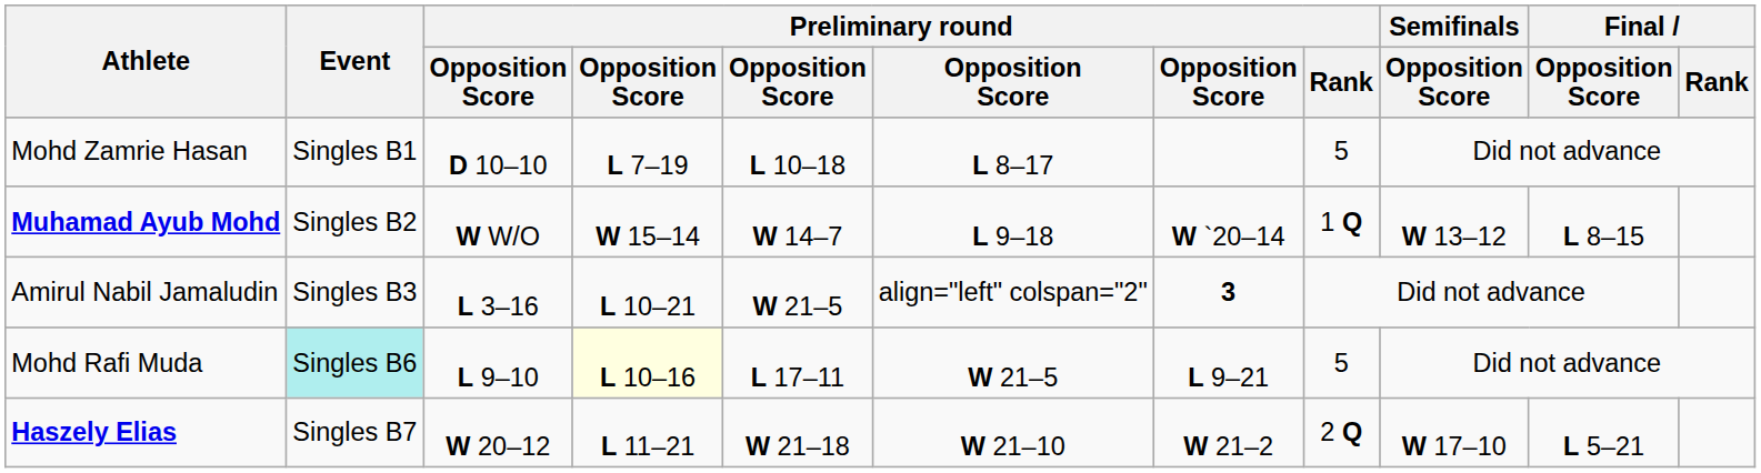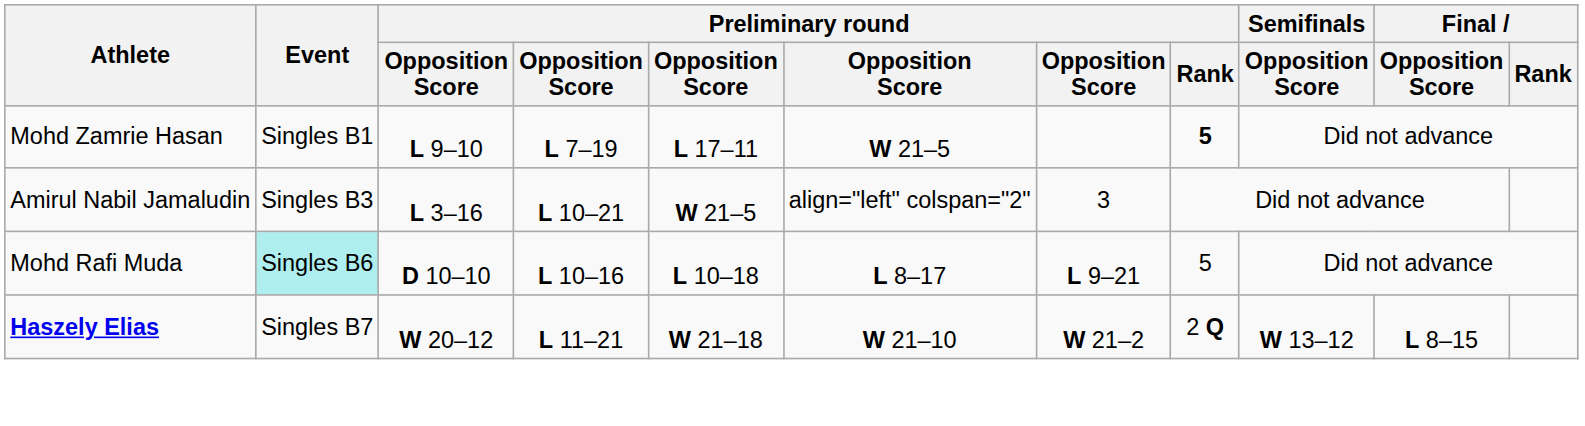 <table class=wikitable style="font-size:90%">
 <tr>
 <th rowspan="2">Athlete</th>
 <th rowspan="2">Event</th>
 <th colspan="6">Preliminary round</th>
 <th>Semifinals</th>
 <th colspan=2>Final / </th>
 </tr>
 <tr>
 <th>Opposition<br>Score</th>
 <th>Opposition<br>Score</th>
 <th>Opposition<br>Score</th>
 <th>Opposition<br>Score</th>
 <th>Opposition<br>Score</th>
 <th>Rank</th>
 <th>Opposition<br>Score</th>
 <th>Opposition<br>Score</th>
 <th>Rank</th>
 </tr>
 <tr align=center>
 <td align=left>Mohd Zamrie Hasan</td>
 <td align=left>Singles B1</td>
-<td><br><strong>D</strong> 10–10</td>
+<td><br><strong>L</strong> 9–10</td>
 <td><br><strong>L</strong> 7–19</td>
-<td><br><strong>L</strong> 10–18</td>
-<td><br><strong>L</strong> 8–17</td>
+<td><br><strong>L</strong> 17–11</td>
+<td><br><strong>W</strong> 21–5</td>
 <td></td>
-<td>5</td>
+<td><strong>5</strong></td>
 <td colspan="3">Did not advance</td>
-</tr>
-<tr align=center>
-<td align=left><strong><a href='#'>Muhamad Ayub Mohd</a></strong></td>
-<td align=left>Singles B2</td>
-<td><br><strong>W</strong> W/O</td>
-<td><br><strong>W</strong> 15–14</td>
-<td><br><strong>W</strong> 14–7</td>
-<td><br><strong>L</strong> 9–18</td>
-<td><br><strong>W</strong> `20–14</td>
-<td>1 <strong>Q</strong></td>
-<td><br><strong>W</strong> 13–12</td>
-<td><br><strong>L</strong> 8–15</td>
-<td></td>
 </tr>
 <tr align=center>
 <td align=left>Amirul Nabil Jamaludin</td>
 <td align=left>Singles B3</td>
 <td><br><strong>L</strong> 3–16</td>
 <td><br><strong>L</strong> 10–21</td>
 <td><br><strong>W</strong> 21–5</td>
 <td>align="left" colspan="2" </td>
-<td><strong>3</strong></td>
+<td>3</td>
 <td colspan="3">Did not advance</td>
 </tr>
 <tr align=center>
 <td align=left>Mohd Rafi Muda</td>
 <td align=left style="background: paleturquoise;">Singles B6</td>
-<td><br><strong>L</strong> 9–10</td>
-<td style="background: lightyellow;"><br><strong>L</strong> 10–16</td>
-<td><br><strong>L</strong> 17–11</td>
-<td><br><strong>W</strong> 21–5</td>
+<td><br><strong>D</strong> 10–10</td>
+<td><br><strong>L</strong> 10–16</td>
+<td><br><strong>L</strong> 10–18</td>
+<td><br><strong>L</strong> 8–17</td>
 <td><br><strong>L</strong> 9–21</td>
 <td>5</td>
 <td colspan="3">Did not advance</td>
 </tr>
 <tr align=center>
 <td align=left><strong><a href='#'>Haszely Elias</a></strong></td>
 <td align=left>Singles B7</td>
 <td><br><strong>W</strong> 20–12</td>
 <td><br><strong>L</strong> 11–21</td>
 <td><br><strong>W</strong> 21–18</td>
 <td><br><strong>W</strong> 21–10</td>
 <td><br><strong>W</strong> 21–2</td>
 <td>2 <strong>Q</strong></td>
-<td><br><strong>W</strong> 17–10</td>
-<td><br><strong>L</strong> 5–21</td>
+<td><br><strong>W</strong> 13–12</td>
+<td><br><strong>L</strong> 8–15</td>
 <td></td>
 </tr>
 </table>
